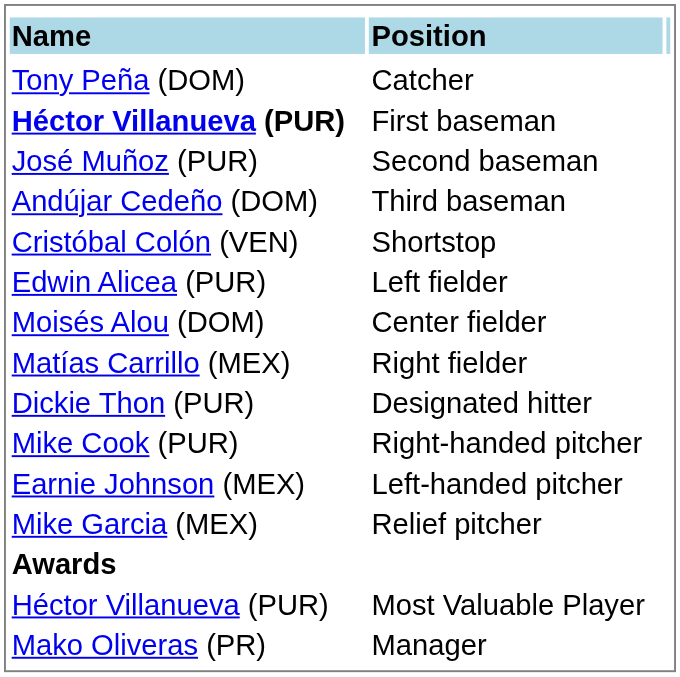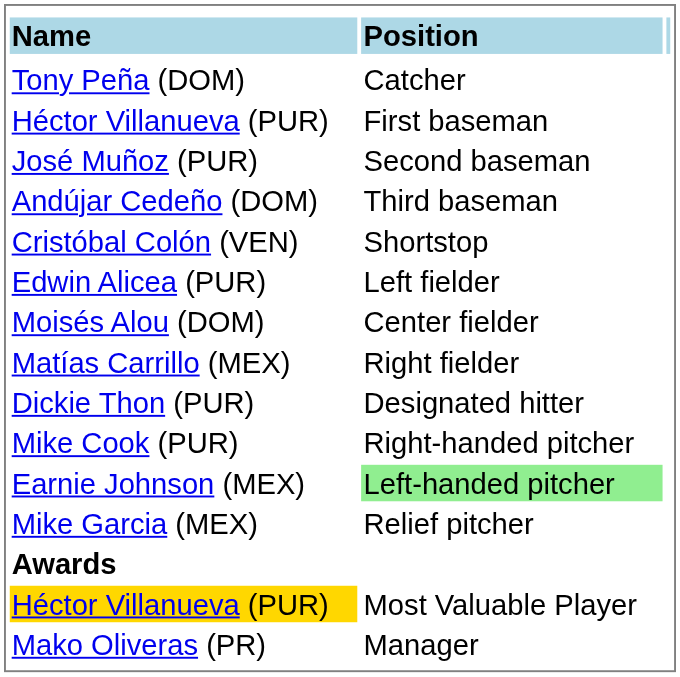 <table cellpadding="1" width="350px" style="font-size: 95%; border: 1px solid gray;">
 <tr align="center" style="font-size: larger;">
 <td colspan=6></td>
 </tr>
 <tr style="background:lightblue;">
 <td><strong>Name</strong></td>
 <td><strong>Position</strong></td>
 <td></td>
 </tr>
 <tr align="center" style="vertical-align: middle;" style="background:lightblue;">
 </tr>
 <tr>
 <td><a href='#'>Tony Peña</a> (DOM)</td>
 <td>Catcher</td>
 </tr>
 <tr>
-<td><strong><a href='#'>Héctor Villanueva</a> (PUR)</strong></td>
+<td><a href='#'>Héctor Villanueva</a> (PUR)</td>
 <td>First baseman</td>
 </tr>
 <tr>
 <td><a href='#'>José Muñoz</a> (PUR)</td>
 <td>Second baseman</td>
 </tr>
 <tr>
 <td><a href='#'>Andújar Cedeño</a> (DOM)</td>
 <td>Third baseman</td>
 </tr>
 <tr>
 <td><a href='#'>Cristóbal Colón</a> (VEN)</td>
 <td>Shortstop</td>
 </tr>
 <tr>
 <td><a href='#'>Edwin Alicea</a> (PUR)</td>
 <td>Left fielder</td>
 </tr>
 <tr>
 <td><a href='#'>Moisés Alou</a> (DOM)</td>
 <td>Center fielder</td>
 </tr>
 <tr>
 <td><a href='#'>Matías Carrillo</a> (MEX)</td>
 <td>Right fielder</td>
 </tr>
 <tr>
 <td><a href='#'>Dickie Thon</a> (PUR)</td>
 <td>Designated hitter</td>
 </tr>
 <tr>
 <td><a href='#'>Mike Cook</a> (PUR)</td>
 <td>Right-handed pitcher</td>
 </tr>
 <tr>
 <td><a href='#'>Earnie Johnson</a> (MEX)</td>
-<td>Left-handed pitcher</td>
+<td style="background: lightgreen;">Left-handed pitcher</td>
 </tr>
 <tr>
 <td><a href='#'>Mike Garcia</a> (MEX)</td>
 <td>Relief pitcher</td>
 </tr>
 <tr>
 <td><strong>Awards</strong></td>
 </tr>
 <tr>
-<td><a href='#'>Héctor Villanueva</a> (PUR)</td>
+<td style="background: gold;"><a href='#'>Héctor Villanueva</a> (PUR)</td>
 <td>Most Valuable Player</td>
 </tr>
 <tr>
 <td><a href='#'>Mako Oliveras</a> (PR)</td>
 <td>Manager</td>
 </tr>
 <tr>
 </tr>
 </table>
